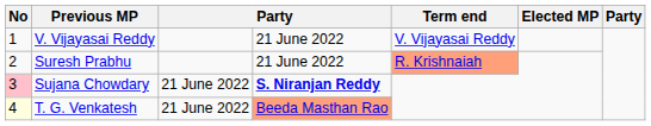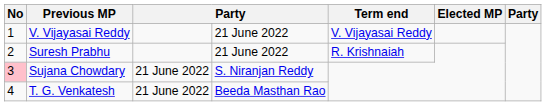 <table class="wikitable sortable">
 <tr>
 <th scope="col">No</th>
 <th scope="col">Previous MP</th>
 <th scope="col" colspan="2">Party</th>
 <th scope="col">Term end</th>
 <th scope="col">Elected MP</th>
 <th scope="col" colspan="2">Party</th>
 </tr>
 <tr>
 <td>1</td>
 <td><a href='#'>V. Vijayasai Reddy</a></td>
 <td></td>
 <td>21 June 2022</td>
 <td><a href='#'>V. Vijayasai Reddy</a></td>
 <td></td>
 <td rowspan="4"></td>
 </tr>
 <tr>
 <td>2</td>
 <td><a href='#'>Suresh Prabhu</a></td>
 <td></td>
 <td>21 June 2022</td>
-<td style="background: lightsalmon;"><a href='#'>R. Krishnaiah</a></td>
+<td><a href='#'>R. Krishnaiah</a></td>
 </tr>
 <tr>
 <td style="background: pink;">3</td>
 <td><a href='#'>Sujana Chowdary</a></td>
 <td>21 June 2022</td>
-<td><strong><a href='#'>S. Niranjan Reddy</a></strong></td>
+<td><a href='#'>S. Niranjan Reddy</a></td>
 </tr>
 <tr>
-<td style="background: lightyellow;">4</td>
+<td>4</td>
 <td><a href='#'>T. G. Venkatesh</a></td>
 <td>21 June 2022</td>
-<td style="background: lightsalmon;"><a href='#'>Beeda Masthan Rao</a></td>
+<td><a href='#'>Beeda Masthan Rao</a></td>
 </tr>
 </table>
